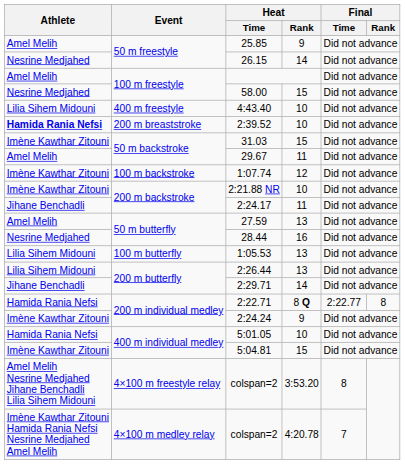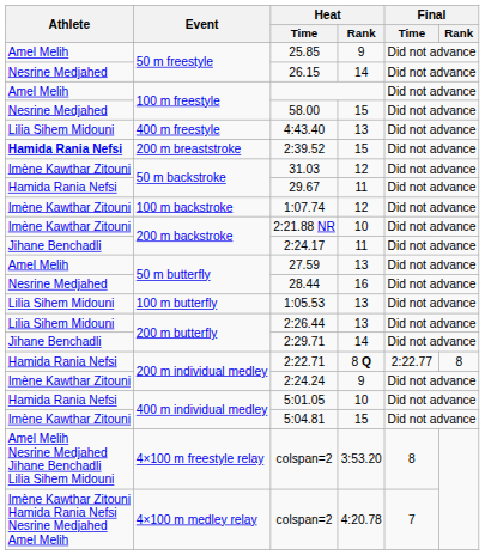 <table class=wikitable style="font-size:90%">
 <tr>
 <th rowspan="2">Athlete</th>
 <th rowspan="2">Event</th>
 <th colspan="2">Heat</th>
 <th colspan="2">Final</th>
 </tr>
 <tr style="font-size:95%">
 <th>Time</th>
 <th>Rank</th>
 <th>Time</th>
 <th>Rank</th>
 </tr>
 <tr align=center>
 <td align=left><a href='#'>Amel Melih</a></td>
 <td align=left rowspan=2><a href='#'>50 m freestyle</a></td>
 <td>25.85</td>
 <td>9</td>
 <td colspan=2>Did not advance</td>
 </tr>
 <tr align=center>
 <td align=left><a href='#'>Nesrine Medjahed</a></td>
 <td>26.15</td>
 <td>14</td>
 <td colspan=2>Did not advance</td>
 </tr>
 <tr align=center>
 <td align=left><a href='#'>Amel Melih</a></td>
 <td align=left rowspan=2><a href='#'>100 m freestyle</a></td>
 <td colspan=2></td>
 <td colspan=2>Did not advance</td>
 </tr>
 <tr align=center>
 <td align=left><a href='#'>Nesrine Medjahed</a></td>
 <td>58.00</td>
 <td>15</td>
 <td colspan=2>Did not advance</td>
 </tr>
 <tr align=center>
 <td align=left><a href='#'>Lilia Sihem Midouni</a></td>
 <td align=left><a href='#'>400 m freestyle</a></td>
 <td>4:43.40</td>
-<td>10</td>
+<td>13</td>
 <td colspan=2>Did not advance</td>
 </tr>
 <tr align=center>
 <td align=left><strong><a href='#'>Hamida Rania Nefsi</a></strong></td>
 <td align=left><a href='#'>200 m breaststroke</a></td>
 <td>2:39.52</td>
-<td>10</td>
+<td>15</td>
 <td colspan=2>Did not advance</td>
 </tr>
 <tr align=center>
 <td align=left><a href='#'>Imène Kawthar Zitouni</a></td>
 <td align=left rowspan=2><a href='#'>50 m backstroke</a></td>
 <td>31.03</td>
-<td>15</td>
+<td>12</td>
 <td colspan=2>Did not advance</td>
 </tr>
 <tr align=center>
-<td align=left><a href='#'>Amel Melih</a></td>
+<td align=left><a href='#'>Hamida Rania Nefsi</a></td>
 <td>29.67</td>
 <td>11</td>
 <td colspan=2>Did not advance</td>
 </tr>
 <tr align=center>
 <td align=left><a href='#'>Imène Kawthar Zitouni</a></td>
 <td align=left><a href='#'>100 m backstroke</a></td>
 <td>1:07.74</td>
 <td>12</td>
 <td colspan=2>Did not advance</td>
 </tr>
 <tr align=center>
 <td align=left><a href='#'>Imène Kawthar Zitouni</a></td>
 <td align=left rowspan=2><a href='#'>200 m backstroke</a></td>
 <td>2:21.88 <a href='#'>NR</a></td>
 <td>10</td>
 <td colspan=2>Did not advance</td>
 </tr>
 <tr align=center>
 <td align=left><a href='#'>Jihane Benchadli</a></td>
 <td>2:24.17</td>
 <td>11</td>
 <td colspan=2>Did not advance</td>
 </tr>
 <tr align=center>
 <td align=left><a href='#'>Amel Melih</a></td>
 <td align=left rowspan=2><a href='#'>50 m butterfly</a></td>
 <td>27.59</td>
 <td>13</td>
 <td colspan=2>Did not advance</td>
 </tr>
 <tr align=center>
 <td align=left><a href='#'>Nesrine Medjahed</a></td>
 <td>28.44</td>
 <td>16</td>
 <td colspan=2>Did not advance</td>
 </tr>
 <tr align=center>
 <td align=left><a href='#'>Lilia Sihem Midouni</a></td>
 <td align=left><a href='#'>100 m butterfly</a></td>
 <td>1:05.53</td>
 <td>13</td>
 <td colspan=2>Did not advance</td>
 </tr>
 <tr align=center>
 <td align=left><a href='#'>Lilia Sihem Midouni</a></td>
 <td align=left rowspan=2><a href='#'>200 m butterfly</a></td>
 <td>2:26.44</td>
 <td>13</td>
 <td colspan=2>Did not advance</td>
 </tr>
 <tr align=center>
 <td align=left><a href='#'>Jihane Benchadli</a></td>
 <td>2:29.71</td>
 <td>14</td>
 <td colspan=2>Did not advance</td>
 </tr>
 <tr align=center>
 <td align=left><a href='#'>Hamida Rania Nefsi</a></td>
 <td align=left rowspan=2><a href='#'>200 m individual medley</a></td>
 <td>2:22.71</td>
 <td>8 <strong>Q</strong></td>
 <td>2:22.77</td>
 <td>8</td>
 </tr>
 <tr align=center>
 <td align=left><a href='#'>Imène Kawthar Zitouni</a></td>
 <td>2:24.24</td>
 <td>9</td>
 <td colspan=2>Did not advance</td>
 </tr>
 <tr align=center>
 <td align=left><a href='#'>Hamida Rania Nefsi</a></td>
 <td align=left rowspan=2><a href='#'>400 m individual medley</a></td>
 <td>5:01.05</td>
 <td>10</td>
 <td colspan=2>Did not advance</td>
 </tr>
 <tr align=center>
 <td align=left><a href='#'>Imène Kawthar Zitouni</a></td>
 <td>5:04.81</td>
 <td>15</td>
 <td colspan=2>Did not advance</td>
 </tr>
 <tr align=center>
 <td align=left><a href='#'>Amel Melih</a><br><a href='#'>Nesrine Medjahed</a><br><a href='#'>Jihane Benchadli</a><br><a href='#'>Lilia Sihem Midouni</a></td>
 <td align=left><a href='#'>4×100 m freestyle relay</a></td>
 <td>colspan=2 </td>
 <td>3:53.20</td>
 <td>8</td>
 </tr>
 <tr align=center>
 <td align=left><a href='#'>Imène Kawthar Zitouni</a><br><a href='#'>Hamida Rania Nefsi</a><br><a href='#'>Nesrine Medjahed</a><br><a href='#'>Amel Melih</a></td>
 <td align=left><a href='#'>4×100 m medley relay</a></td>
 <td>colspan=2 </td>
 <td>4:20.78</td>
 <td>7</td>
 </tr>
 </table>
